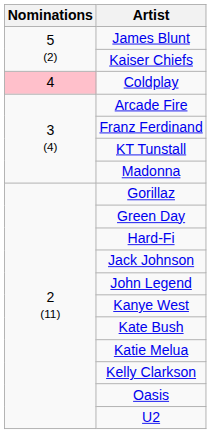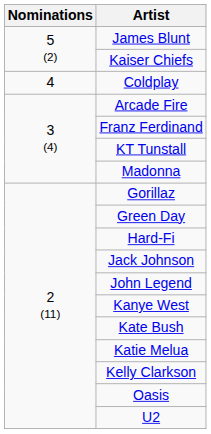 <table class="wikitable" rowspan="2" style="text-align:center;">
 <tr>
 <th scope="col" style="width:55px;">Nominations</th>
 <th scope="col" style="text-align:center;">Artist</th>
 </tr>
 <tr>
 <td rowspan="2">5<br><small>(2)</small></td>
 <td><a href='#'>James Blunt</a></td>
 </tr>
 <tr>
 <td><a href='#'>Kaiser Chiefs</a></td>
 </tr>
 <tr>
-<td style="background: pink;">4</td>
+<td>4</td>
 <td><a href='#'>Coldplay</a></td>
 </tr>
 <tr>
 <td rowspan="4">3<br><small>(4)</small></td>
 <td><a href='#'>Arcade Fire</a></td>
 </tr>
 <tr>
 <td><a href='#'>Franz Ferdinand</a></td>
 </tr>
 <tr>
 <td><a href='#'>KT Tunstall</a></td>
 </tr>
 <tr>
 <td><a href='#'>Madonna</a></td>
 </tr>
 <tr>
 <td rowspan="11">2<br><small>(11)</small></td>
 <td><a href='#'>Gorillaz</a></td>
 </tr>
 <tr>
 <td><a href='#'>Green Day</a></td>
 </tr>
 <tr>
 <td><a href='#'>Hard-Fi</a></td>
 </tr>
 <tr>
 <td><a href='#'>Jack Johnson</a></td>
 </tr>
 <tr>
 <td><a href='#'>John Legend</a></td>
 </tr>
 <tr>
 <td><a href='#'>Kanye West</a></td>
 </tr>
 <tr>
 <td><a href='#'>Kate Bush</a></td>
 </tr>
 <tr>
 <td><a href='#'>Katie Melua</a></td>
 </tr>
 <tr>
 <td><a href='#'>Kelly Clarkson</a></td>
 </tr>
 <tr>
 <td><a href='#'>Oasis</a></td>
 </tr>
 <tr>
 <td><a href='#'>U2</a></td>
 </tr>
 </table>
